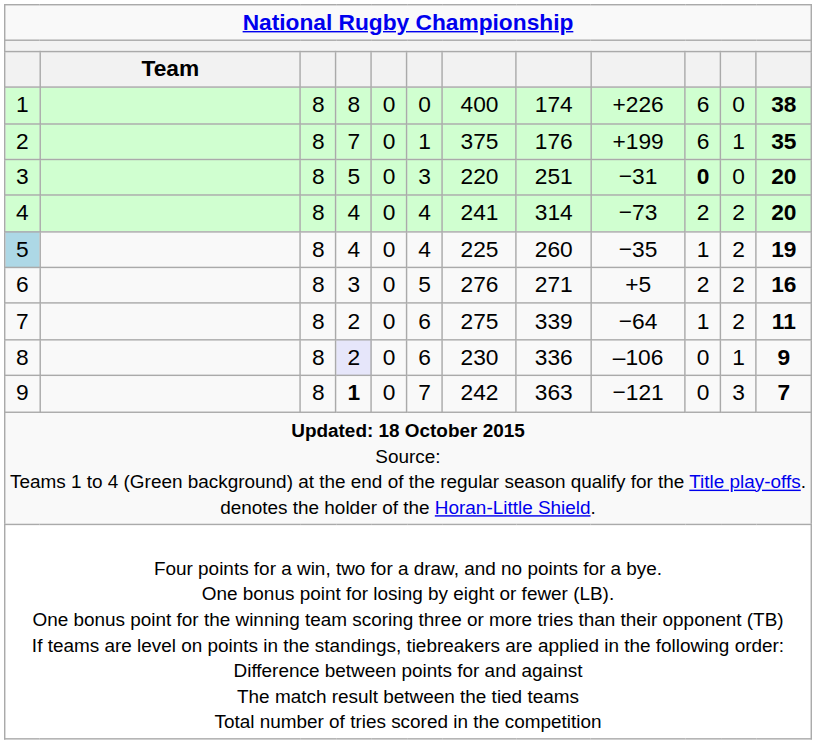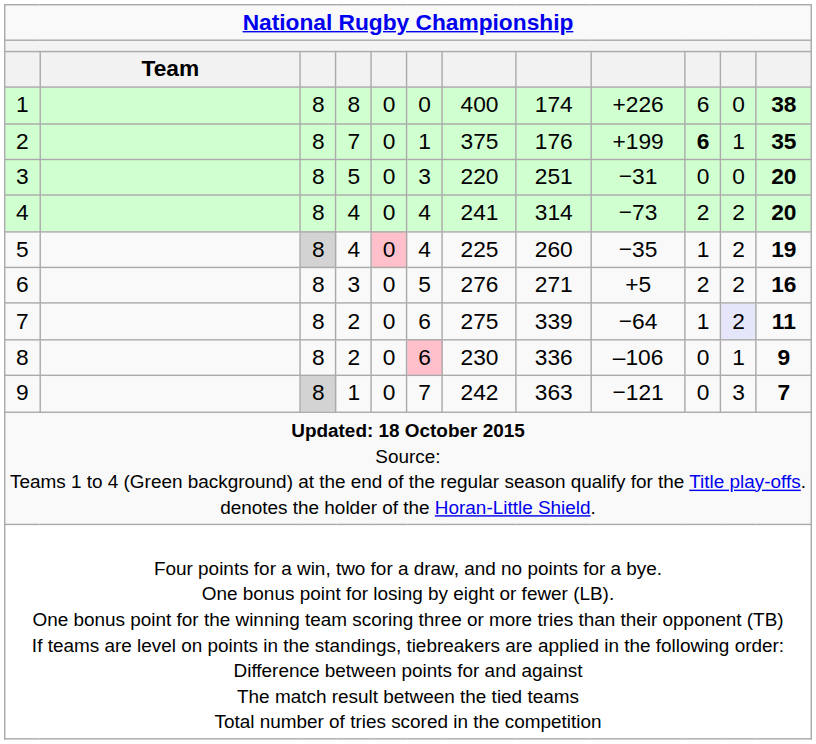 <table class="wikitable" style="text-align: center;">
 <tr bgcolor="#f9f9f9">
 <td colspan="15" cellpadding="0" cellspacing="0"><strong><a href='#'>National Rugby Championship</a></strong></td>
 </tr>
 <tr bgcolor="#f3f3f3">
 <td colspan="15" cellpadding="0" cellspacing="0"></td>
 </tr>
 <tr style="font-weight: bold;">
 <th></th>
 <th style="width:11em;">Team</th>
 <th></th>
 <th></th>
 <th></th>
 <th></th>
 <th></th>
 <th></th>
 <th></th>
 <th></th>
 <th></th>
 <th><br></th>
 </tr>
 <tr bgcolor=#d0ffd0>
 <td>1</td>
 <td align=left>  </td>
 <td>8</td>
 <td>8</td>
 <td>0</td>
 <td>0</td>
 <td>400</td>
 <td>174</td>
 <td>+226</td>
 <td>6</td>
 <td>0</td>
 <td><strong>38</strong></td>
 </tr>
 <tr bgcolor=#d0ffd0>
 <td>2</td>
 <td align=left></td>
 <td>8</td>
 <td>7</td>
 <td>0</td>
 <td>1</td>
 <td>375</td>
 <td>176</td>
 <td>+199</td>
-<td>6</td>
+<td><strong>6</strong></td>
 <td>1</td>
 <td><strong>35</strong></td>
 </tr>
 <tr bgcolor=#d0ffd0>
 <td>3</td>
 <td align=left></td>
 <td>8</td>
 <td>5</td>
 <td>0</td>
 <td>3</td>
 <td>220</td>
 <td>251</td>
 <td>−31</td>
-<td><strong>0</strong></td>
+<td>0</td>
 <td>0</td>
 <td><strong>20</strong></td>
 </tr>
 <tr bgcolor=#d0ffd0>
 <td>4</td>
 <td align=left></td>
 <td>8</td>
 <td>4</td>
 <td>0</td>
 <td>4</td>
 <td>241</td>
 <td>314</td>
 <td>−73</td>
 <td>2</td>
 <td>2</td>
 <td><strong>20</strong></td>
 </tr>
 <tr>
-<td style="background: lightblue;">5</td>
+<td>5</td>
 <td align=left></td>
-<td>8</td>
+<td style="background: lightgrey;">8</td>
 <td>4</td>
-<td>0</td>
+<td style="background: pink;">0</td>
 <td>4</td>
 <td>225</td>
 <td>260</td>
 <td>−35</td>
 <td>1</td>
 <td>2</td>
 <td><strong>19</strong></td>
 </tr>
 <tr>
 <td>6</td>
 <td align=left></td>
 <td>8</td>
 <td>3</td>
 <td>0</td>
 <td>5</td>
 <td>276</td>
 <td>271</td>
 <td>+5</td>
 <td>2</td>
 <td>2</td>
 <td><strong>16</strong></td>
 </tr>
 <tr>
 <td>7</td>
 <td align=left></td>
 <td>8</td>
 <td>2</td>
 <td>0</td>
 <td>6</td>
 <td>275</td>
 <td>339</td>
 <td>−64</td>
 <td>1</td>
-<td>2</td>
+<td style="background: lavender;">2</td>
 <td><strong>11</strong></td>
 </tr>
 <tr>
 <td>8</td>
 <td align=left></td>
 <td>8</td>
-<td style="background: lavender;">2</td>
+<td>2</td>
 <td>0</td>
-<td>6</td>
+<td style="background: pink;">6</td>
 <td>230</td>
 <td>336</td>
 <td>–106</td>
 <td>0</td>
 <td>1</td>
 <td><strong>9</strong></td>
 </tr>
 <tr>
 <td>9</td>
 <td align=left></td>
-<td>8</td>
-<td><strong>1</strong></td>
+<td style="background: lightgrey;">8</td>
+<td>1</td>
 <td>0</td>
 <td>7</td>
 <td>242</td>
 <td>363</td>
 <td>−121</td>
 <td>0</td>
 <td>3</td>
 <td><strong>7</strong></td>
 </tr>
 <tr>
 <td colspan="15" style="border:0px"><small><strong>Updated: 18 October 2015</strong><br>Source: <br>Teams 1 to 4 <span>(Green background)</span> at the end of the regular season qualify for the <a href='#'>Title play-offs</a>.<br></small><small> denotes the holder of the <a href='#'>Horan-Little Shield</a>.<br></small></td>
 </tr>
 <tr bgcolor="#ffffff">
 <td colspan="15"><br><small>Four points for a win, two for a draw, and no points for a bye.<br> One bonus point for losing by eight or fewer (LB).<br> One bonus point for the winning team scoring three or more tries than their opponent (TB)<br> If teams are level on points in the standings, tiebreakers are applied in the following order:<br>  Difference between points for and against<br>  The match result between the tied teams<br>  Total number of tries scored in the competition<br> </small></td>
 </tr>
 </table>
